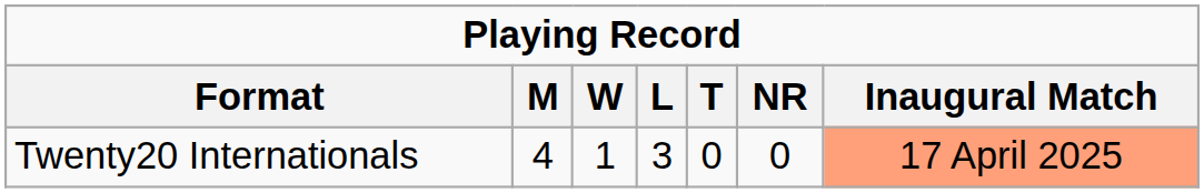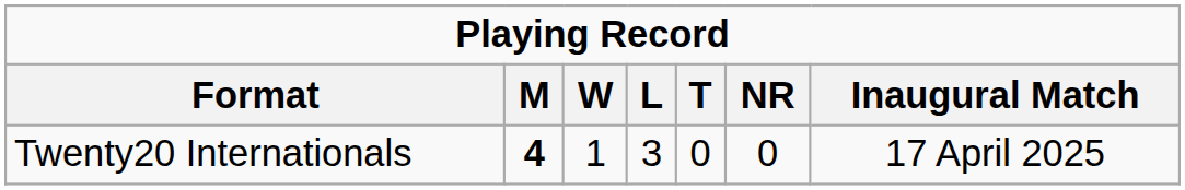 <table class="wikitable" style="text-align: center; width: 500px;">
 <tr>
 <td colspan=7 align="center"><strong>Playing Record</strong></td>
 </tr>
 <tr>
 <th>Format</th>
 <th>M</th>
 <th>W</th>
 <th>L</th>
 <th>T</th>
 <th>NR</th>
 <th>Inaugural Match</th>
 </tr>
 <tr>
 <td align="left">Twenty20 Internationals</td>
-<td>4</td>
+<td><strong>4</strong></td>
 <td>1</td>
 <td>3</td>
 <td>0</td>
 <td>0</td>
-<td style="background: lightsalmon;">17 April 2025</td>
+<td>17 April 2025</td>
 </tr>
 </table>
